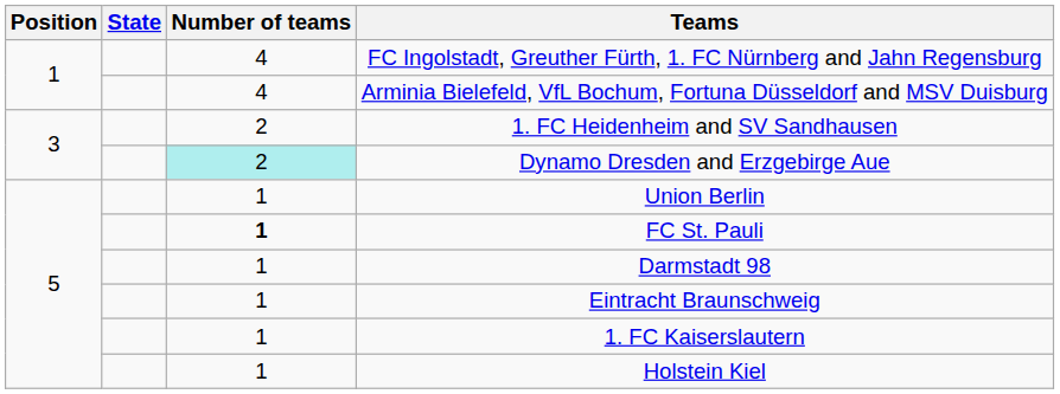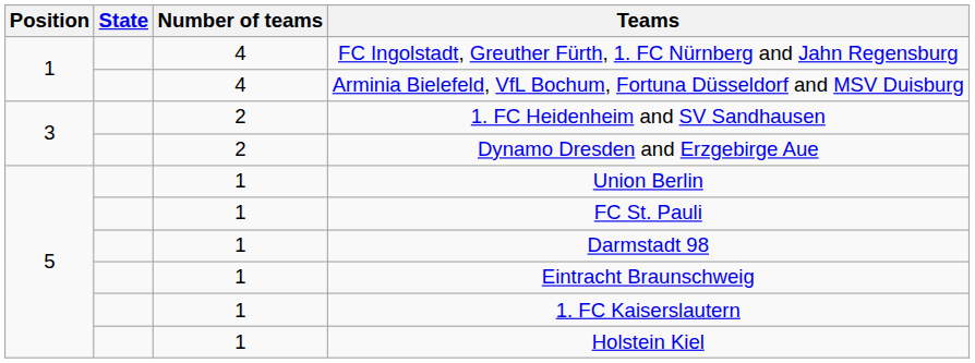 <table class="wikitable">
 <tr>
 <th>Position</th>
 <th><a href='#'>State</a></th>
 <th>Number of teams</th>
 <th>Teams</th>
 </tr>
 <tr>
 <td align=center rowspan=2>1</td>
 <td></td>
 <td align=center>4</td>
 <td align=center><a href='#'>FC Ingolstadt</a>, <a href='#'>Greuther Fürth</a>, <a href='#'>1. FC Nürnberg</a> and <a href='#'>Jahn Regensburg</a></td>
 </tr>
 <tr>
 <td></td>
 <td align=center>4</td>
 <td align=center><a href='#'>Arminia Bielefeld</a>, <a href='#'>VfL Bochum</a>, <a href='#'>Fortuna Düsseldorf</a> and <a href='#'>MSV Duisburg</a></td>
 </tr>
 <tr>
 <td align=center rowspan=2>3</td>
 <td></td>
 <td align=center>2</td>
 <td align=center><a href='#'>1. FC Heidenheim</a> and <a href='#'>SV Sandhausen</a></td>
 </tr>
 <tr>
 <td></td>
-<td align=center style="background: paleturquoise;">2</td>
+<td align=center>2</td>
 <td align=center><a href='#'>Dynamo Dresden</a> and <a href='#'>Erzgebirge Aue</a></td>
 </tr>
 <tr>
 <td align=center rowspan=6>5</td>
 <td></td>
 <td align=center>1</td>
 <td align=center><a href='#'>Union Berlin</a></td>
 </tr>
 <tr>
 <td></td>
-<td align=center><strong>1</strong></td>
+<td align=center>1</td>
 <td align=center><a href='#'>FC St. Pauli</a></td>
 </tr>
 <tr>
 <td></td>
 <td align=center>1</td>
 <td align=center><a href='#'>Darmstadt 98</a></td>
 </tr>
 <tr>
 <td></td>
 <td align=center>1</td>
 <td align=center><a href='#'>Eintracht Braunschweig</a></td>
 </tr>
 <tr>
 <td></td>
 <td align=center>1</td>
 <td align=center><a href='#'>1. FC Kaiserslautern</a></td>
 </tr>
 <tr>
 <td></td>
 <td align=center>1</td>
 <td align=center><a href='#'>Holstein Kiel</a></td>
 </tr>
 </table>
